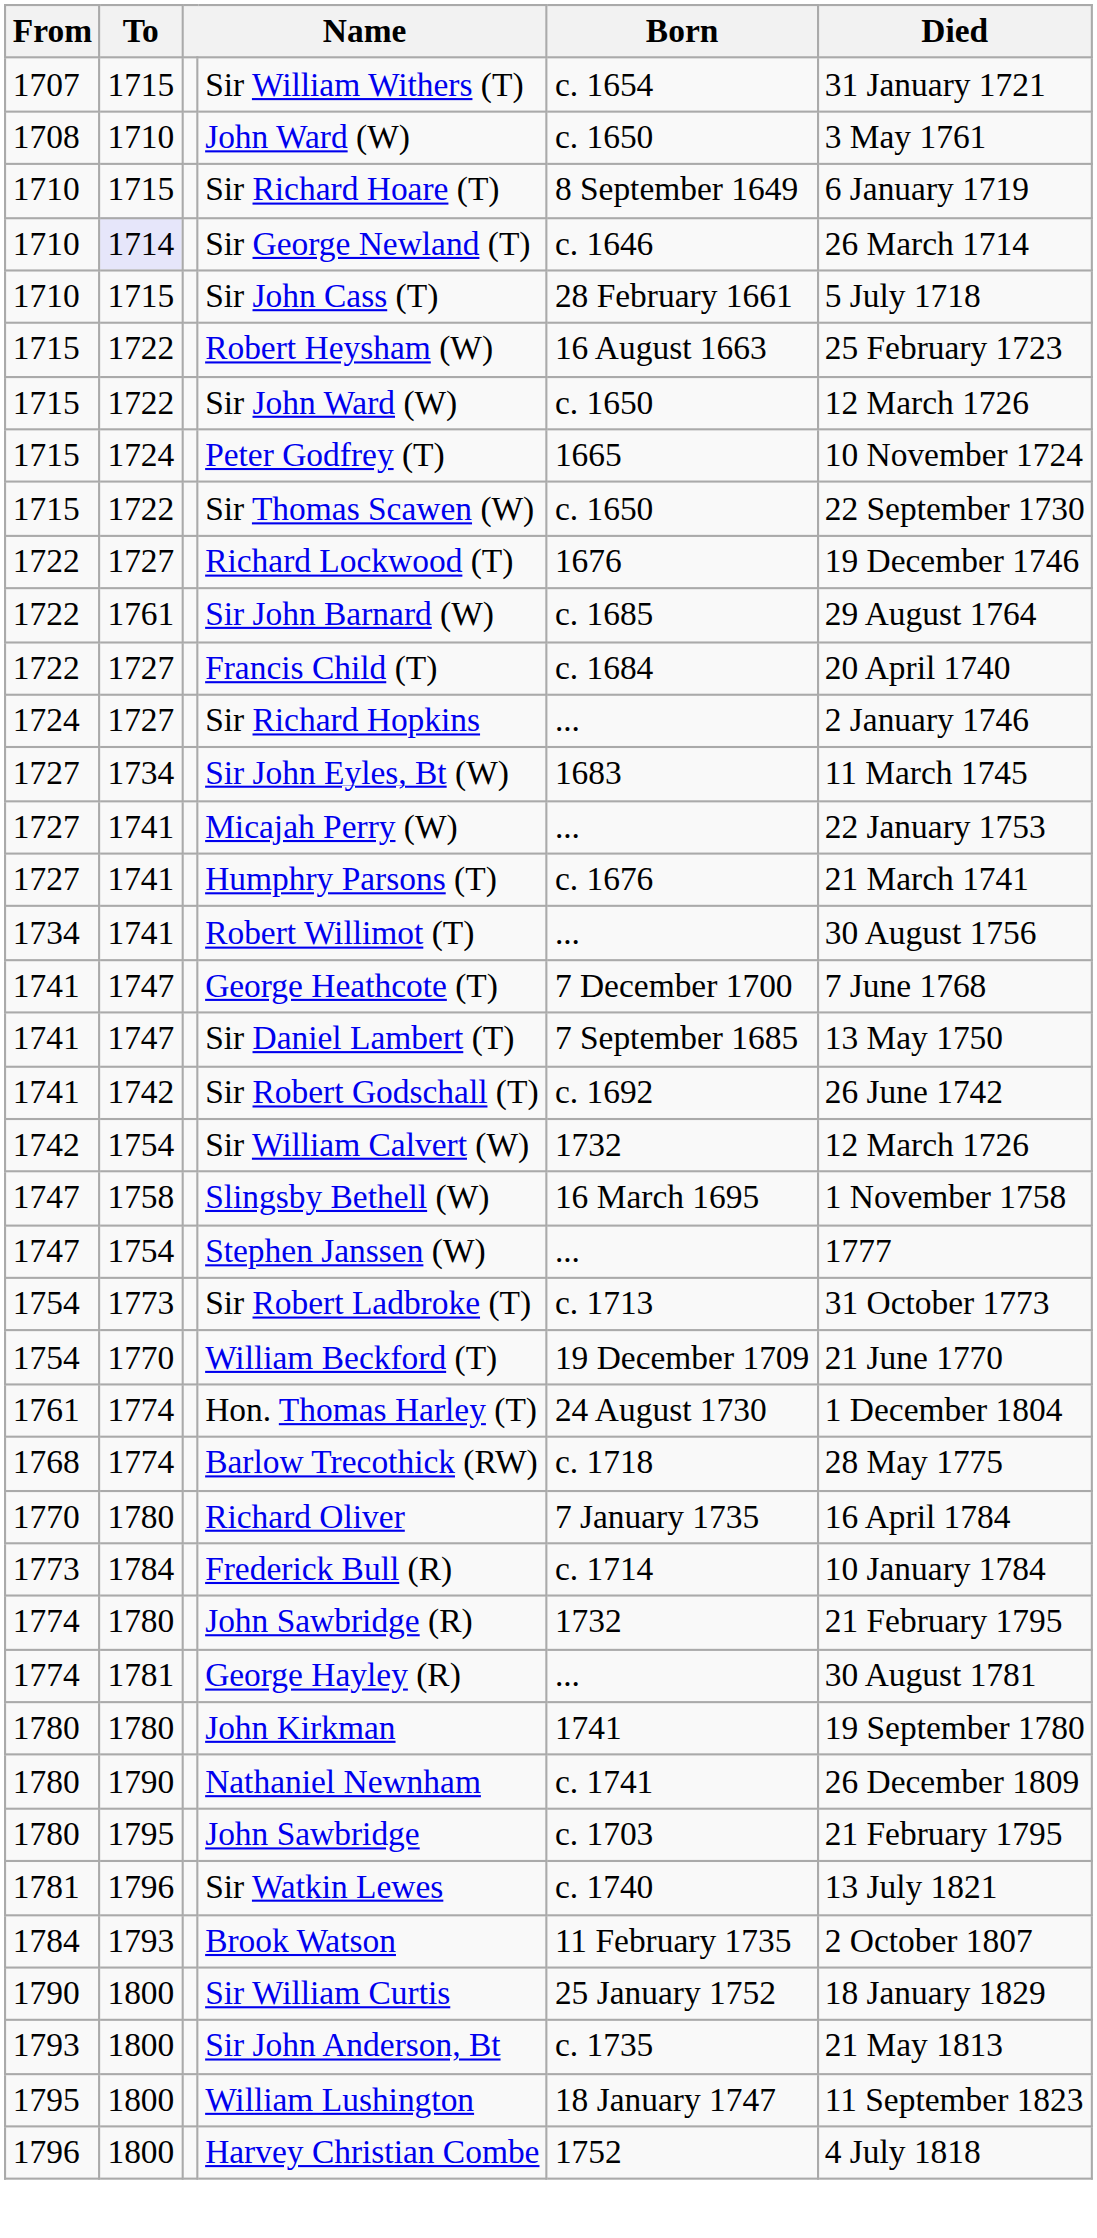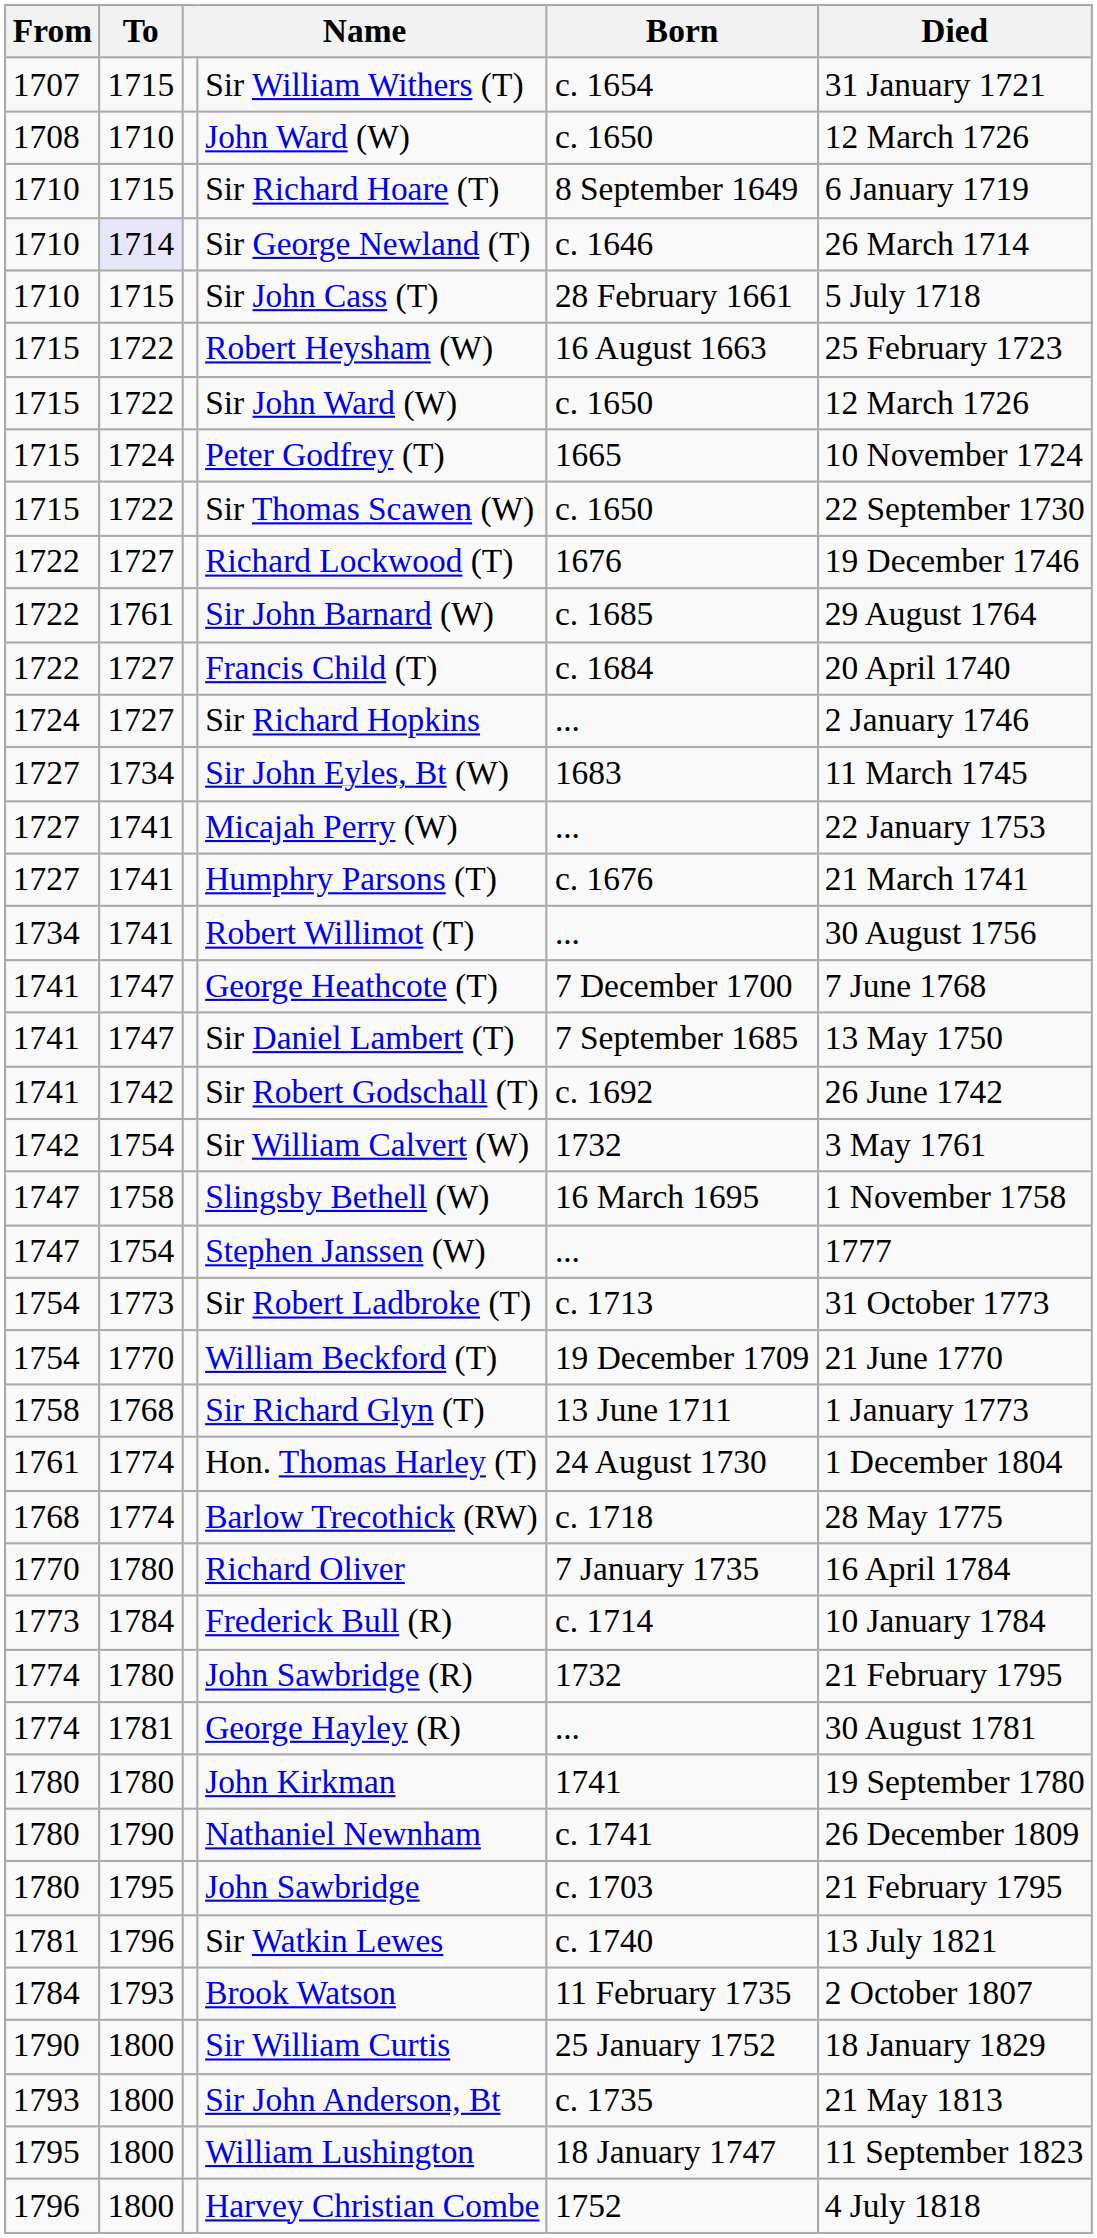 <table class="wikitable">
 <tr>
 <th>From</th>
 <th>To</th>
 <th colspan="2">Name</th>
 <th>Born</th>
 <th>Died</th>
 </tr>
 <tr>
 <td>1707</td>
 <td>1715</td>
 <td style="color:inherit;background-color: "></td>
 <td>Sir <a href='#'>William Withers</a> (T)</td>
 <td>c. 1654</td>
 <td>31 January 1721</td>
 </tr>
 <tr>
 <td>1708</td>
 <td>1710</td>
 <td style="color:inherit;background-color: "></td>
 <td><a href='#'>John Ward</a> (W)</td>
 <td>c. 1650</td>
-<td>3 May 1761</td>
+<td>12 March 1726</td>
 </tr>
 <tr>
 <td>1710</td>
 <td>1715</td>
 <td style="color:inherit;background-color: "></td>
 <td>Sir <a href='#'>Richard Hoare</a> (T)</td>
 <td>8 September 1649</td>
 <td>6 January 1719</td>
 </tr>
 <tr>
 <td>1710</td>
 <td style="background: lavender;">1714</td>
 <td style="color:inherit;background-color: "></td>
 <td>Sir <a href='#'>George Newland</a> (T)</td>
 <td>c. 1646</td>
 <td>26 March 1714</td>
 </tr>
 <tr>
 <td>1710</td>
 <td>1715</td>
 <td style="color:inherit;background-color: "></td>
 <td>Sir <a href='#'>John Cass</a> (T)</td>
 <td>28 February 1661</td>
 <td>5 July 1718</td>
 </tr>
 <tr>
 <td>1715</td>
 <td>1722</td>
 <td style="color:inherit;background-color: "></td>
 <td><a href='#'>Robert Heysham</a> (W)</td>
 <td>16 August 1663</td>
 <td>25 February 1723</td>
 </tr>
 <tr>
 <td>1715</td>
 <td>1722</td>
 <td style="color:inherit;background-color: "></td>
 <td>Sir <a href='#'>John Ward</a> (W)</td>
 <td>c. 1650</td>
 <td>12 March 1726</td>
 </tr>
 <tr>
 <td>1715</td>
 <td>1724</td>
 <td style="color:inherit;background-color: "></td>
 <td><a href='#'>Peter Godfrey</a> (T)</td>
 <td>1665</td>
 <td>10 November 1724</td>
 </tr>
 <tr>
 <td>1715</td>
 <td>1722</td>
 <td style="color:inherit;background-color: "></td>
 <td>Sir <a href='#'>Thomas Scawen</a> (W)</td>
 <td>c. 1650</td>
 <td>22 September 1730</td>
 </tr>
 <tr>
 <td>1722</td>
 <td>1727</td>
 <td style="color:inherit;background-color: "></td>
 <td><a href='#'>Richard Lockwood</a> (T)</td>
 <td>1676</td>
 <td>19 December 1746</td>
 </tr>
 <tr>
 <td>1722</td>
 <td>1761</td>
 <td style="color:inherit;background-color: "></td>
 <td><a href='#'>Sir John Barnard</a> (W)</td>
 <td>c. 1685</td>
 <td>29 August 1764</td>
 </tr>
 <tr>
 <td>1722</td>
 <td>1727</td>
 <td style="color:inherit;background-color: "></td>
 <td><a href='#'>Francis Child</a> (T)</td>
 <td>c. 1684</td>
 <td>20 April 1740</td>
 </tr>
 <tr>
 <td>1724</td>
 <td>1727</td>
 <td></td>
 <td>Sir <a href='#'>Richard Hopkins</a></td>
 <td>...</td>
 <td>2 January 1746</td>
 </tr>
 <tr>
 <td>1727</td>
 <td>1734</td>
 <td style="color:inherit;background-color: "></td>
 <td><a href='#'>Sir John Eyles, Bt</a> (W)</td>
 <td>1683</td>
 <td>11 March 1745</td>
 </tr>
 <tr>
 <td>1727</td>
 <td>1741</td>
 <td style="color:inherit;background-color: "></td>
 <td><a href='#'>Micajah Perry</a> (W)</td>
 <td>...</td>
 <td>22 January 1753</td>
 </tr>
 <tr>
 <td>1727</td>
 <td>1741</td>
 <td style="color:inherit;background-color: "></td>
 <td><a href='#'>Humphry Parsons</a> (T)</td>
 <td>c. 1676</td>
 <td>21 March 1741</td>
 </tr>
 <tr>
 <td>1734</td>
 <td>1741</td>
 <td style="color:inherit;background-color: "></td>
 <td><a href='#'>Robert Willimot</a> (T)</td>
 <td>...</td>
 <td>30 August 1756</td>
 </tr>
 <tr>
 <td>1741</td>
 <td>1747</td>
 <td style="color:inherit;background-color: "></td>
 <td><a href='#'>George Heathcote</a> (T)</td>
 <td>7 December 1700</td>
 <td>7 June 1768</td>
 </tr>
 <tr>
 <td>1741</td>
 <td>1747</td>
 <td style="color:inherit;background-color: "></td>
 <td>Sir <a href='#'>Daniel Lambert</a> (T)</td>
 <td>7 September 1685</td>
 <td>13 May 1750</td>
 </tr>
 <tr>
 <td>1741</td>
 <td>1742</td>
 <td style="color:inherit;background-color: "></td>
 <td>Sir <a href='#'>Robert Godschall</a> (T)</td>
 <td>c. 1692</td>
 <td>26 June 1742</td>
 </tr>
 <tr>
 <td>1742</td>
 <td>1754</td>
 <td style="color:inherit;background-color: "></td>
 <td>Sir <a href='#'>William Calvert</a> (W)</td>
 <td>1732</td>
-<td>12 March 1726</td>
+<td>3 May 1761</td>
 </tr>
 <tr>
 <td>1747</td>
 <td>1758</td>
 <td style="color:inherit;background-color: "></td>
 <td><a href='#'>Slingsby Bethell</a> (W)</td>
 <td>16 March 1695</td>
 <td>1 November 1758</td>
 </tr>
 <tr>
 <td>1747</td>
 <td>1754</td>
 <td style="color:inherit;background-color: "></td>
 <td><a href='#'>Stephen Janssen</a> (W)</td>
 <td>...</td>
 <td>1777</td>
 </tr>
 <tr>
 <td>1754</td>
 <td>1773</td>
 <td style="color:inherit;background-color: "></td>
 <td>Sir <a href='#'>Robert Ladbroke</a> (T)</td>
 <td>c. 1713</td>
 <td>31 October 1773</td>
 </tr>
 <tr>
 <td>1754</td>
 <td>1770</td>
 <td style="color:inherit;background-color: "></td>
 <td><a href='#'>William Beckford</a> (T)</td>
 <td>19 December 1709</td>
 <td>21 June 1770</td>
+</tr>
+<tr>
+<td>1758</td>
+<td>1768</td>
+<td style="color:inherit;background-color: "></td>
+<td><a href='#'>Sir Richard Glyn</a> (T)</td>
+<td>13 June 1711</td>
+<td>1 January 1773</td>
 </tr>
 <tr>
 <td>1761</td>
 <td>1774</td>
 <td style="color:inherit;background-color: "></td>
 <td>Hon. <a href='#'>Thomas Harley</a> (T)</td>
 <td>24 August 1730</td>
 <td>1 December 1804</td>
 </tr>
 <tr>
 <td>1768</td>
 <td>1774</td>
 <td style="color:inherit;background-color: "></td>
 <td><a href='#'>Barlow Trecothick</a> (RW)</td>
 <td>c. 1718</td>
 <td>28 May 1775</td>
 </tr>
 <tr>
 <td>1770</td>
 <td>1780</td>
 <td></td>
 <td><a href='#'>Richard Oliver</a></td>
 <td>7 January 1735</td>
 <td>16 April 1784</td>
 </tr>
 <tr>
 <td>1773</td>
 <td>1784</td>
 <td style="color:inherit;background-color: "></td>
 <td><a href='#'>Frederick Bull</a> (R)</td>
 <td>c. 1714</td>
 <td>10 January 1784</td>
 </tr>
 <tr>
 <td>1774</td>
 <td>1780</td>
 <td style="color:inherit;background-color: "></td>
 <td><a href='#'>John Sawbridge</a> (R)</td>
 <td>1732</td>
 <td>21 February 1795</td>
 </tr>
 <tr>
 <td>1774</td>
 <td>1781</td>
 <td style="color:inherit;background-color: "></td>
 <td><a href='#'>George Hayley</a> (R)</td>
 <td>...</td>
 <td>30 August 1781</td>
 </tr>
 <tr>
 <td>1780</td>
 <td>1780</td>
 <td></td>
 <td><a href='#'>John Kirkman</a></td>
 <td>1741</td>
 <td>19 September 1780</td>
 </tr>
 <tr>
 <td>1780</td>
 <td>1790</td>
 <td></td>
 <td><a href='#'>Nathaniel Newnham</a></td>
 <td>c. 1741</td>
 <td>26 December 1809</td>
 </tr>
 <tr>
 <td>1780</td>
 <td>1795</td>
 <td></td>
 <td><a href='#'>John Sawbridge</a></td>
 <td>c. 1703</td>
 <td>21 February 1795</td>
 </tr>
 <tr>
 <td>1781</td>
 <td>1796</td>
 <td></td>
 <td>Sir <a href='#'>Watkin Lewes</a></td>
 <td>c. 1740</td>
 <td>13 July 1821</td>
 </tr>
 <tr>
 <td>1784</td>
 <td>1793</td>
 <td></td>
 <td><a href='#'>Brook Watson</a></td>
 <td>11 February 1735</td>
 <td>2 October 1807</td>
 </tr>
 <tr>
 <td>1790</td>
 <td>1800</td>
 <td></td>
 <td><a href='#'>Sir William Curtis</a></td>
 <td>25 January 1752</td>
 <td>18 January 1829</td>
 </tr>
 <tr>
 <td>1793</td>
 <td>1800</td>
 <td></td>
 <td><a href='#'>Sir John Anderson, Bt</a></td>
 <td>c. 1735</td>
 <td>21 May 1813</td>
 </tr>
 <tr>
 <td>1795</td>
 <td>1800</td>
 <td></td>
 <td><a href='#'>William Lushington</a></td>
 <td>18 January 1747</td>
 <td>11 September 1823</td>
 </tr>
 <tr>
 <td>1796</td>
 <td>1800</td>
 <td></td>
 <td><a href='#'>Harvey Christian Combe</a></td>
 <td>1752</td>
 <td>4 July 1818</td>
 </tr>
 </table>
